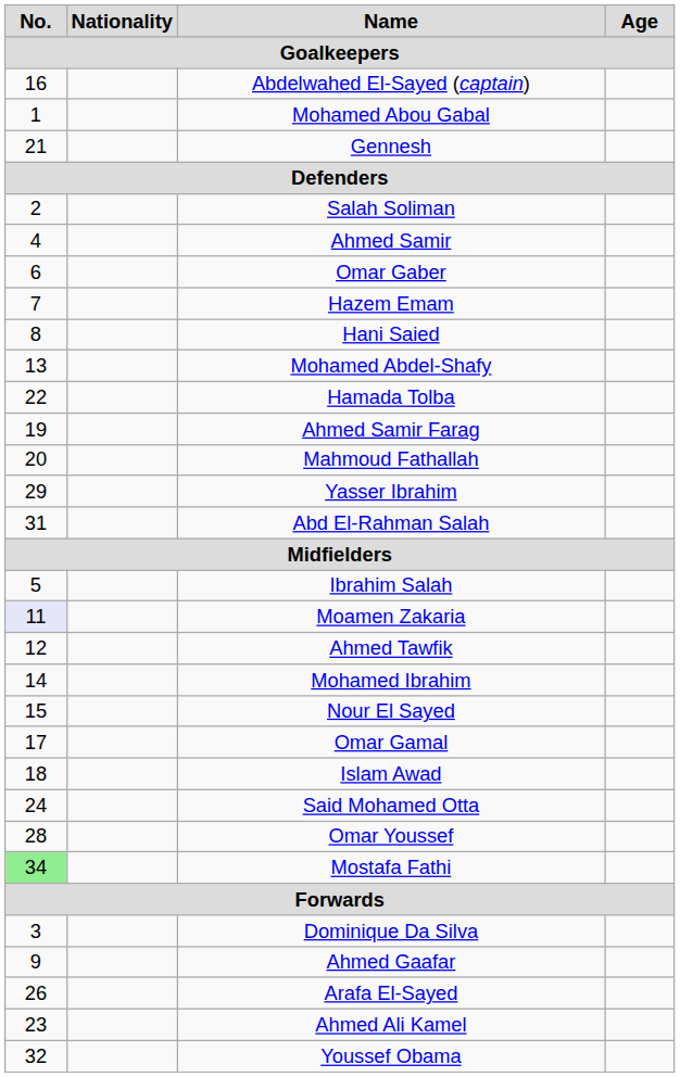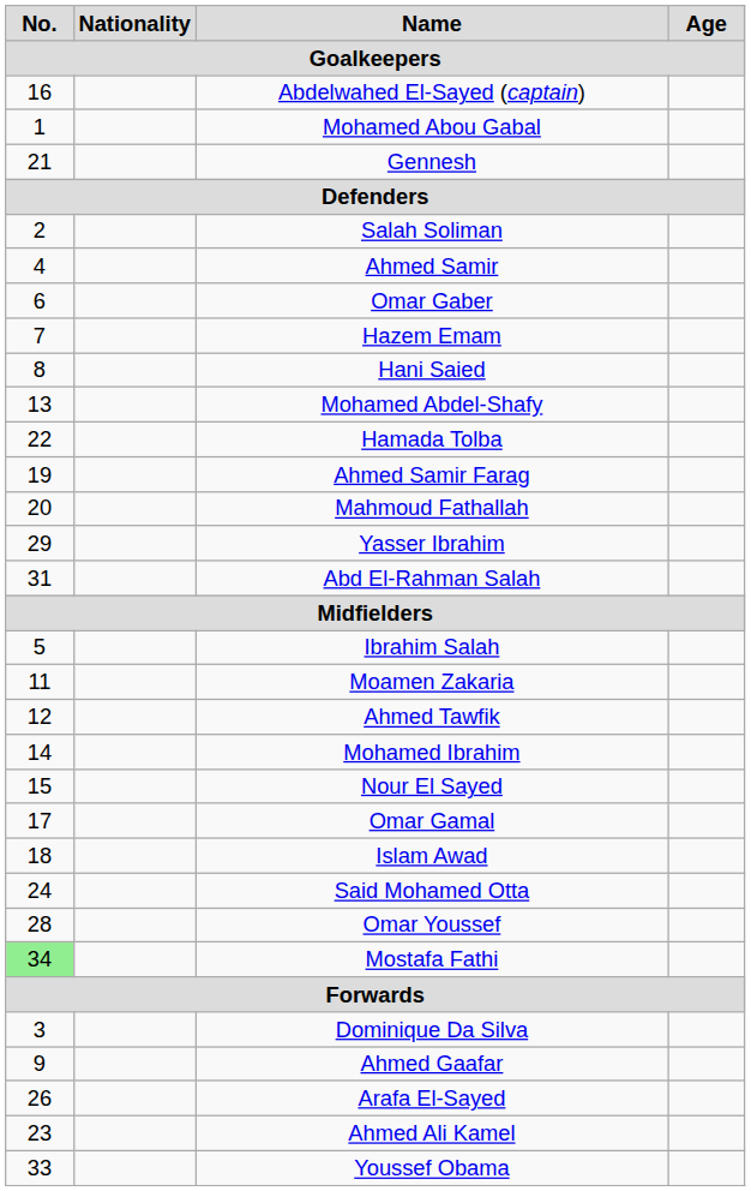 <table class="wikitable" style="text-align:center; font-size:90%; width:55%">
 <tr>
 <th style="background:#DCDCDC; color:black;">No.</th>
 <th style="background:#DCDCDC; color:black;" width=55;>Nationality</th>
 <th style="background:#DCDCDC; color:black;">Name</th>
 <th style="background:#DCDCDC; color:black;">Age</th>
 </tr>
 <tr>
 <th colspan="8" style="background:#DCDCDC;">Goalkeepers</th>
 </tr>
 <tr>
 <td>16</td>
 <td></td>
 <td><a href='#'>Abdelwahed El-Sayed</a> (<a href='#'><em>captain</em></a>)</td>
 <td></td>
 </tr>
 <tr>
 <td>1</td>
 <td></td>
 <td><a href='#'>Mohamed Abou Gabal</a></td>
 <td></td>
 </tr>
 <tr>
 <td>21</td>
 <td></td>
 <td><a href='#'>Gennesh</a></td>
 <td></td>
 </tr>
 <tr>
 <th colspan="8" style="background:#DCDCDC;">Defenders</th>
 </tr>
 <tr>
 <td>2</td>
 <td></td>
 <td><a href='#'>Salah Soliman</a></td>
 <td></td>
 </tr>
 <tr>
 <td>4</td>
 <td></td>
 <td><a href='#'>Ahmed Samir</a></td>
 <td></td>
 </tr>
 <tr>
 <td>6</td>
 <td></td>
 <td><a href='#'>Omar Gaber</a></td>
 <td></td>
 </tr>
 <tr>
 <td>7</td>
 <td></td>
 <td><a href='#'>Hazem Emam</a></td>
 <td></td>
 </tr>
 <tr>
 <td>8</td>
 <td></td>
 <td><a href='#'>Hani Saied</a></td>
 <td></td>
 </tr>
 <tr>
 <td>13</td>
 <td></td>
 <td><a href='#'>Mohamed Abdel-Shafy</a></td>
 <td></td>
 </tr>
 <tr>
 <td>22</td>
 <td></td>
 <td><a href='#'>Hamada Tolba</a></td>
 <td></td>
 </tr>
 <tr>
 <td>19</td>
 <td></td>
 <td><a href='#'>Ahmed Samir Farag</a></td>
 <td></td>
 </tr>
 <tr>
 <td>20</td>
 <td></td>
 <td><a href='#'>Mahmoud Fathallah</a></td>
 <td></td>
 </tr>
 <tr>
 <td>29</td>
 <td></td>
 <td><a href='#'>Yasser Ibrahim</a></td>
 <td></td>
 </tr>
 <tr>
 <td>31</td>
 <td></td>
 <td><a href='#'>Abd El-Rahman Salah</a></td>
 <td></td>
 </tr>
 <tr>
 <th colspan="8" style="background:#DCDCDC;">Midfielders</th>
 </tr>
 <tr>
 <td>5</td>
 <td></td>
 <td><a href='#'>Ibrahim Salah</a></td>
 <td></td>
 </tr>
 <tr>
-<td style="background: lavender;">11</td>
+<td>11</td>
 <td></td>
 <td><a href='#'>Moamen Zakaria</a></td>
 <td></td>
 </tr>
 <tr>
 <td>12</td>
 <td></td>
 <td><a href='#'>Ahmed Tawfik</a></td>
 <td></td>
 </tr>
 <tr>
 <td>14</td>
 <td></td>
 <td><a href='#'>Mohamed Ibrahim</a></td>
 <td></td>
 </tr>
 <tr>
 <td>15</td>
 <td></td>
 <td><a href='#'>Nour El Sayed</a></td>
 <td></td>
 </tr>
 <tr>
 <td>17</td>
 <td></td>
 <td><a href='#'>Omar Gamal</a></td>
 <td></td>
 </tr>
 <tr>
 <td>18</td>
 <td></td>
 <td><a href='#'>Islam Awad</a></td>
 <td></td>
 </tr>
 <tr>
 <td>24</td>
 <td></td>
 <td><a href='#'>Said Mohamed Otta</a></td>
 <td></td>
 </tr>
 <tr>
 <td>28</td>
 <td></td>
 <td><a href='#'>Omar Youssef</a></td>
 <td></td>
 </tr>
 <tr>
 <td style="background: lightgreen;">34</td>
 <td></td>
 <td><a href='#'>Mostafa Fathi</a></td>
 <td></td>
 </tr>
 <tr>
 <th colspan="8" style="background:#DCDCDC;">Forwards</th>
 </tr>
 <tr>
 <td>3</td>
 <td></td>
 <td><a href='#'>Dominique Da Silva</a></td>
 <td></td>
 </tr>
 <tr>
 <td>9</td>
 <td></td>
 <td><a href='#'>Ahmed Gaafar</a></td>
 <td></td>
 </tr>
 <tr>
 <td>26</td>
 <td></td>
 <td><a href='#'>Arafa El-Sayed</a></td>
 <td></td>
 </tr>
 <tr>
 <td>23</td>
 <td></td>
 <td><a href='#'>Ahmed Ali Kamel</a></td>
 <td></td>
 </tr>
 <tr>
-<td>32</td>
+<td>33</td>
 <td></td>
 <td><a href='#'>Youssef Obama</a></td>
 <td></td>
 </tr>
 <tr>
 </tr>
 </table>
